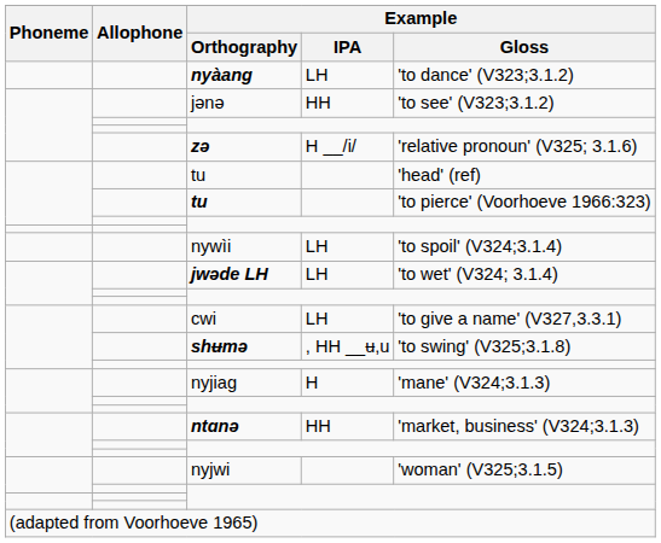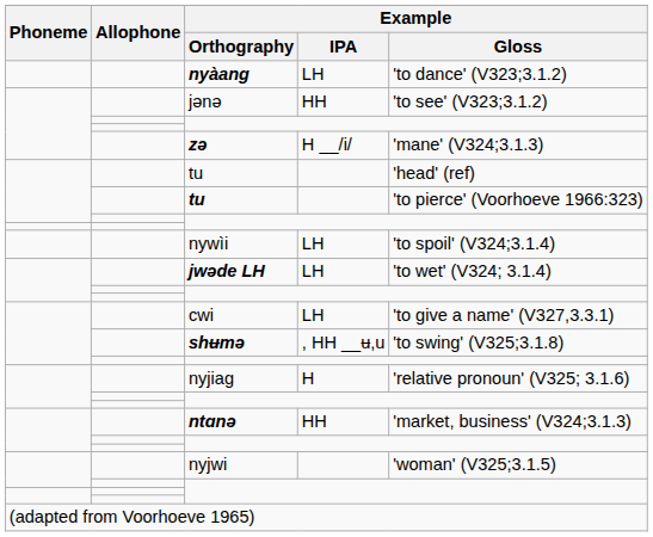 <table class="wikitable">
 <tr>
 </tr>
 <tr>
 <th rowspan=2>Phoneme</th>
 <th rowspan=2>Allophone</th>
 <th colspan=3>Example</th>
 </tr>
 <tr>
 <th>Orthography</th>
 <th>IPA</th>
 <th>Gloss</th>
 </tr>
 <tr>
 <td></td>
 <td></td>
 <td><strong><em>ny<strong>àang<em></td>
 <td> LH</td>
 <td>'to dance' (V323;3.1.2)</td>
 </tr>
 <tr>
 <td rowspan=4></td>
 <td></td>
 <td></em></strong>j</strong>ənə</em></td>
 <td> HH</td>
 <td>'to see' (V323;3.1.2)</td>
 </tr>
 <tr>
 <td></td>
 </tr>
 <tr>
 <td></td>
 </tr>
 <tr>
 <td></td>
 <td><strong><em>z<strong>ə<em></td>
 <td> H __/i/</td>
-<td>'relative pronoun' (V325; 3.1.6)</td>
+<td>'mane' (V324;3.1.3)</td>
 </tr>
 <tr>
 <td rowspan=3></td>
 <td></td>
 <td></em></strong>t</strong>u</em></td>
 <td></td>
 <td>'head' (ref)</td>
 </tr>
 <tr>
 <td></td>
 <td><strong><em>t<strong>u<em></td>
 <td></td>
 <td>'to pierce' (Voorhoeve 1966:323)</td>
 </tr>
 <tr>
 <td></td>
 </tr>
 <tr>
 <td></td>
 <td></td>
 </tr>
 <tr>
 <td></td>
 <td></td>
 <td></em></strong>nyw</strong>ìi</em></td>
 <td> LH</td>
 <td>'to spoil' (V324;3.1.4)</td>
 </tr>
 <tr>
 <td rowspan=3></td>
 <td></td>
 <td><strong><em>jw<strong>əde LH<em></td>
 <td> LH</td>
 <td>'to wet' (V324; 3.1.4)</td>
 </tr>
 <tr>
 <td></td>
 </tr>
 <tr>
 <td></td>
 </tr>
 <tr>
 <td rowspan=3></td>
 <td></td>
 <td></em></strong>cw</strong>i</em></td>
 <td> LH</td>
 <td>'to give a name' (V327,3.3.1)</td>
 </tr>
 <tr>
 <td></td>
 <td><strong><em>sh<strong>ʉmə<em></td>
 <td>,  HH __ʉ,u</td>
 <td>'to swing' (V325;3.1.8)</td>
 </tr>
 <tr>
 <td></td>
 </tr>
 <tr>
 <td rowspan=3></td>
 <td></td>
 <td></em></strong>nyj</strong>iag</em></td>
 <td> H</td>
-<td>'mane' (V324;3.1.3)</td>
+<td>'relative pronoun' (V325; 3.1.6)</td>
 </tr>
 <tr>
 <td></td>
 </tr>
 <tr>
 <td></td>
 </tr>
 <tr>
 <td rowspan=3></td>
 <td></td>
 <td><strong><em>nt<strong>ɑnə<em></td>
 <td> HH</td>
 <td>'market, business' (V324;3.1.3)</td>
 </tr>
 <tr>
 <td></td>
 </tr>
 <tr>
 <td></td>
 </tr>
 <tr>
 <td rowspan=2></td>
 <td></td>
 <td></em></strong>nyjw</strong>i</em></td>
 <td></td>
 <td>'woman' (V325;3.1.5)</td>
 </tr>
 <tr>
 <td></td>
 </tr>
 <tr>
 <td rowspan=2></td>
 <td></td>
 </tr>
 <tr>
 <td></td>
 </tr>
 <tr>
 <td colspan="7">(adapted from Voorhoeve 1965)</td>
 </tr>
 </table>
